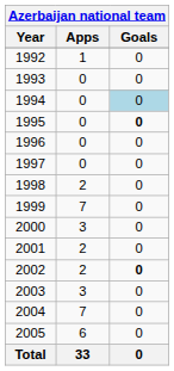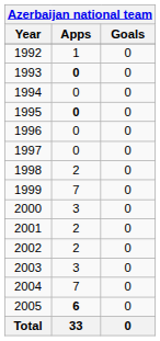 <table class="wikitable" style="text-align:center">
 <tr>
 <th colspan=3><a href='#'>Azerbaijan national team</a></th>
 </tr>
 <tr>
 <th>Year</th>
 <th>Apps</th>
 <th>Goals</th>
 </tr>
 <tr>
 </tr>
 <tr>
 <td>1992</td>
 <td>1</td>
 <td>0</td>
 </tr>
 <tr>
 <td>1993</td>
-<td>0</td>
+<td><strong>0</strong></td>
 <td>0</td>
 </tr>
 <tr>
 <td>1994</td>
 <td>0</td>
-<td style="background: lightblue;">0</td>
+<td>0</td>
 </tr>
 <tr>
 <td>1995</td>
+<td><strong>0</strong></td>
 <td>0</td>
-<td><strong>0</strong></td>
 </tr>
 <tr>
 <td>1996</td>
 <td>0</td>
 <td>0</td>
 </tr>
 <tr>
 <td>1997</td>
 <td>0</td>
 <td>0</td>
 </tr>
 <tr>
 <td>1998</td>
 <td>2</td>
 <td>0</td>
 </tr>
 <tr>
 <td>1999</td>
 <td>7</td>
 <td>0</td>
 </tr>
 <tr>
 <td>2000</td>
 <td>3</td>
 <td>0</td>
 </tr>
 <tr>
 <td>2001</td>
 <td>2</td>
 <td>0</td>
 </tr>
 <tr>
 <td>2002</td>
 <td>2</td>
-<td><strong>0</strong></td>
+<td>0</td>
 </tr>
 <tr>
 <td>2003</td>
 <td>3</td>
 <td>0</td>
 </tr>
 <tr>
 <td>2004</td>
 <td>7</td>
 <td>0</td>
 </tr>
 <tr>
 <td>2005</td>
-<td>6</td>
+<td><strong>6</strong></td>
 <td>0</td>
 </tr>
 <tr>
 <th>Total</th>
 <th>33</th>
 <th>0</th>
 </tr>
 </table>
